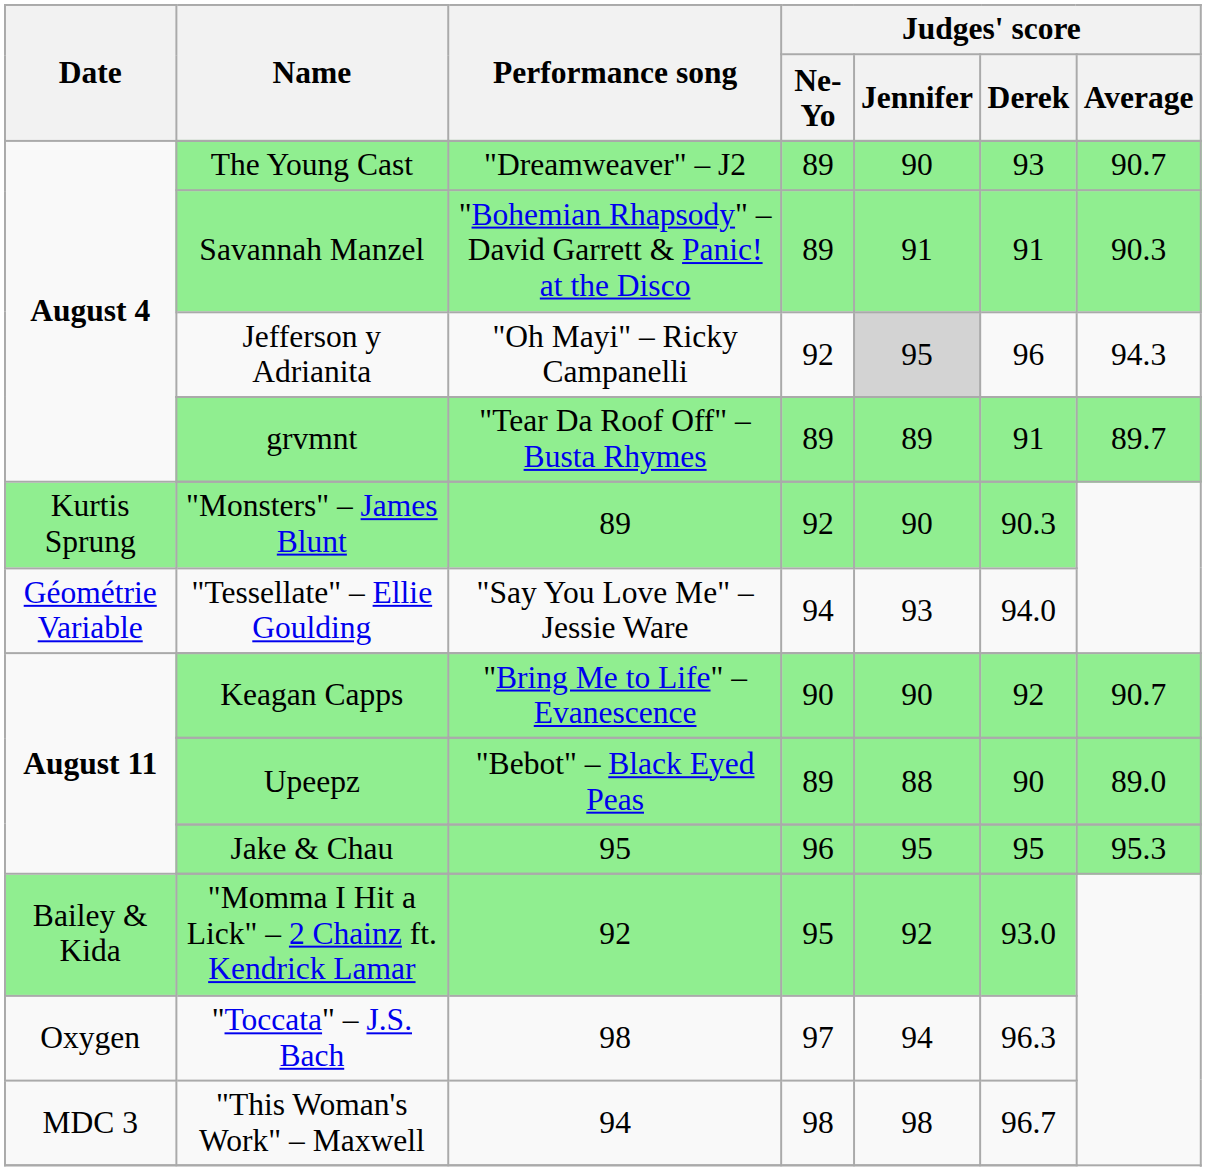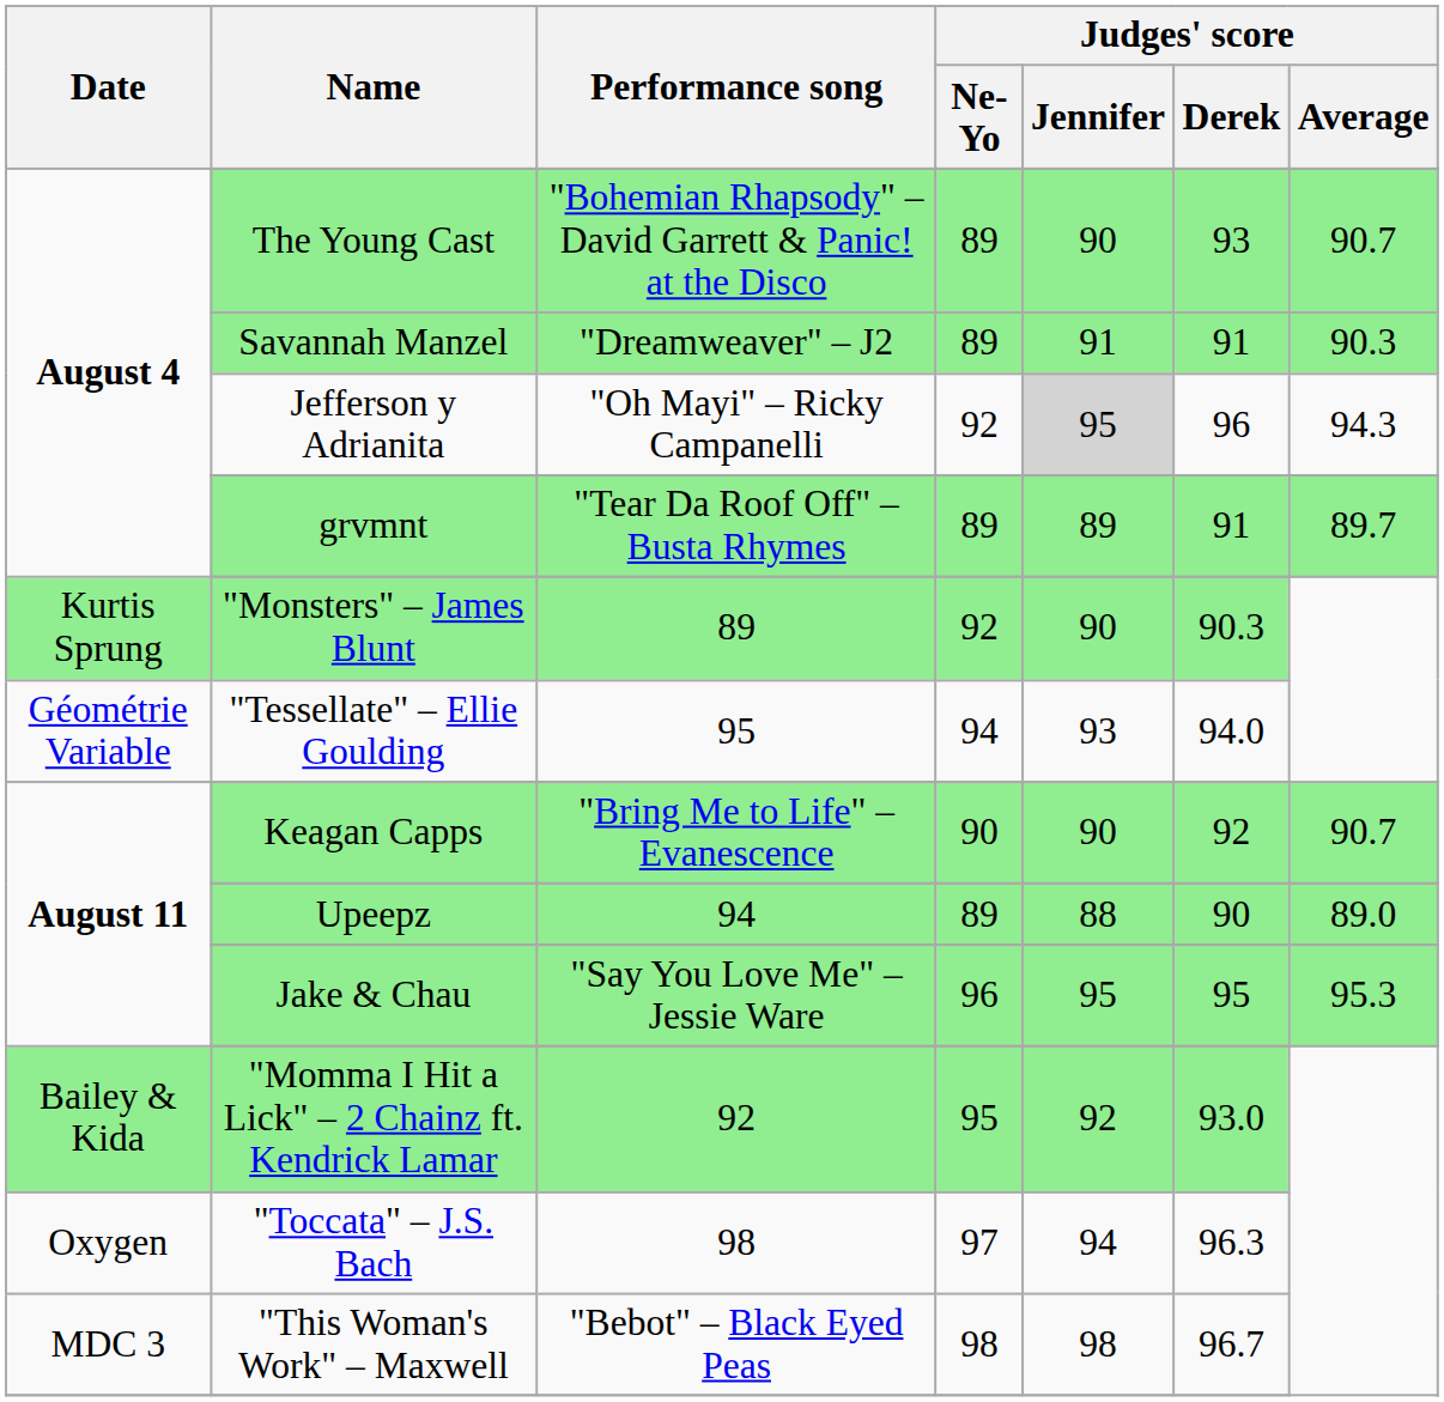 <table class="wikitable sortable" style="text-align:center;">
 <tr>
 <th scope="col" rowspan="2">Date</th>
 <th scope="col" rowspan="2" class="sortable">Name</th>
 <th scope="col" rowspan="2" class="sortable">Performance song</th>
 <th scope="col" colspan="4">Judges' score</th>
 </tr>
 <tr>
 <th style="width:06%;">Ne-Yo</th>
 <th style="width:06%;">Jennifer</th>
 <th style="width:06%;">Derek</th>
 <th style="width:06%;">Average</th>
 </tr>
 <tr>
 <td rowspan="7"><strong>August 4</strong></td>
 </tr>
 <tr style="background:lightgreen;">
 <td>The Young Cast</td>
-<td>"Dreamweaver" – J2</td>
+<td>"<a href='#'>Bohemian Rhapsody</a>" – David Garrett & <a href='#'>Panic! at the Disco</a></td>
 <td>89</td>
 <td>90</td>
 <td>93</td>
 <td>90.7</td>
 </tr>
 <tr style="background:lightgreen;">
 <td>Savannah Manzel</td>
-<td>"<a href='#'>Bohemian Rhapsody</a>" – David Garrett & <a href='#'>Panic! at the Disco</a></td>
+<td>"Dreamweaver" – J2</td>
 <td>89</td>
 <td>91</td>
 <td>91</td>
 <td>90.3</td>
 </tr>
 <tr>
 <td>Jefferson y Adrianita</td>
 <td>"Oh Mayi" – Ricky Campanelli</td>
 <td>92</td>
 <td style="background: lightgrey;">95</td>
 <td>96</td>
 <td>94.3</td>
 </tr>
 <tr>
 </tr>
 <tr style="background:lightgreen;">
 <td>grvmnt</td>
 <td>"Tear Da Roof Off" – <a href='#'>Busta Rhymes</a></td>
 <td>89</td>
 <td>89</td>
 <td>91</td>
 <td>89.7</td>
 </tr>
 <tr>
 </tr>
 <tr style="background:lightgreen;">
 <td>Kurtis Sprung</td>
 <td>"Monsters" – <a href='#'>James Blunt</a></td>
 <td>89</td>
 <td>92</td>
 <td>90</td>
 <td>90.3</td>
 </tr>
 <tr>
 <td><a href='#'>Géométrie Variable</a></td>
 <td>"Tessellate" – <a href='#'>Ellie Goulding</a></td>
-<td>"Say You Love Me" – Jessie Ware</td>
+<td>95</td>
 <td>94</td>
 <td>93</td>
 <td>94.0</td>
 </tr>
 <tr>
 <td rowspan="7"><strong>August 11</strong></td>
 </tr>
 <tr style="background:lightgreen;">
 <td>Keagan Capps</td>
 <td>"<a href='#'>Bring Me to Life</a>" – <a href='#'>Evanescence</a></td>
 <td>90</td>
 <td>90</td>
 <td>92</td>
 <td>90.7</td>
 </tr>
 <tr>
 </tr>
 <tr style="background:lightgreen;">
 <td>Upeepz</td>
-<td>"Bebot" – <a href='#'>Black Eyed Peas</a></td>
+<td>94</td>
 <td>89</td>
 <td>88</td>
 <td>90</td>
 <td>89.0</td>
 </tr>
 <tr>
 </tr>
 <tr style="background:lightgreen;">
 <td>Jake & Chau</td>
-<td>95</td>
+<td>"Say You Love Me" – Jessie Ware</td>
 <td>96</td>
 <td>95</td>
 <td>95</td>
 <td>95.3</td>
 </tr>
 <tr>
 </tr>
 <tr style="background:lightgreen;">
 <td>Bailey & Kida</td>
 <td>"Momma I Hit a Lick" – <a href='#'>2 Chainz</a> ft. <a href='#'>Kendrick Lamar</a></td>
 <td>92</td>
 <td>95</td>
 <td>92</td>
 <td>93.0</td>
 </tr>
 <tr>
 <td>Oxygen</td>
 <td>"<a href='#'>Toccata</a>" – <a href='#'>J.S. Bach</a></td>
 <td>98</td>
 <td>97</td>
 <td>94</td>
 <td>96.3</td>
 </tr>
 <tr>
 <td>MDC 3</td>
 <td>"This Woman's Work" – Maxwell</td>
-<td>94</td>
+<td>"Bebot" – <a href='#'>Black Eyed Peas</a></td>
 <td>98</td>
 <td>98</td>
 <td>96.7</td>
 </tr>
 <tr>
 </tr>
 </table>
